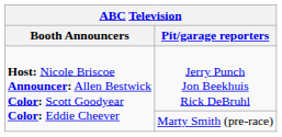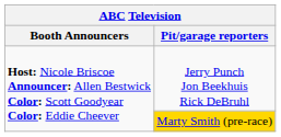 <table class="wikitable" style="font-size: 95%;">
 <tr>
 <th colspan=2><a href='#'>ABC</a> <a href='#'>Television</a></th>
 </tr>
 <tr>
 <th>Booth Announcers</th>
 <th><a href='#'>Pit/garage reporters</a></th>
 </tr>
 <tr>
 <td valign="top" rowspan=2><br><strong>Host:</strong> <a href='#'>Nicole Briscoe</a><br> <strong><a href='#'>Announcer</a>:</strong> <a href='#'>Allen Bestwick</a><br> <strong><a href='#'>Color</a>:</strong> <a href='#'>Scott Goodyear</a><br> <strong><a href='#'>Color</a>:</strong> <a href='#'>Eddie Cheever</a><br></td>
 <td align="center" valign="top"><br><a href='#'>Jerry Punch</a><br><a href='#'>Jon Beekhuis</a><br><a href='#'>Rick DeBruhl</a><br></td>
 </tr>
 <tr>
-<td align="center" valign="top"><a href='#'>Marty Smith</a> (pre-race)</td>
+<td align="center" valign="top" style="background: gold;"><a href='#'>Marty Smith</a> (pre-race)</td>
 </tr>
 </table>
